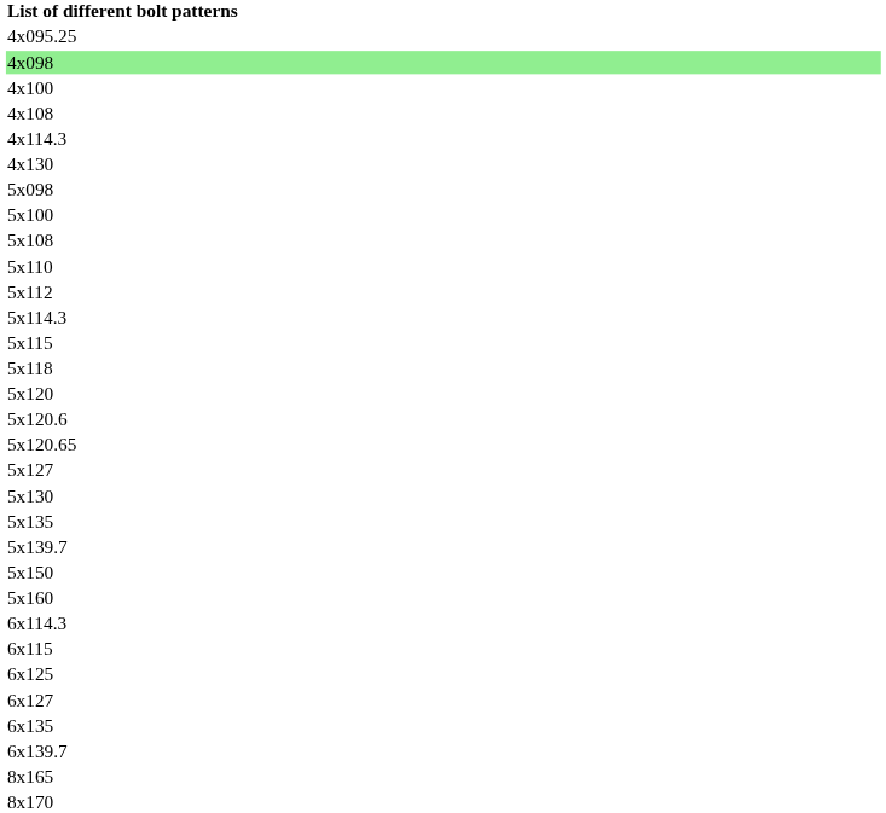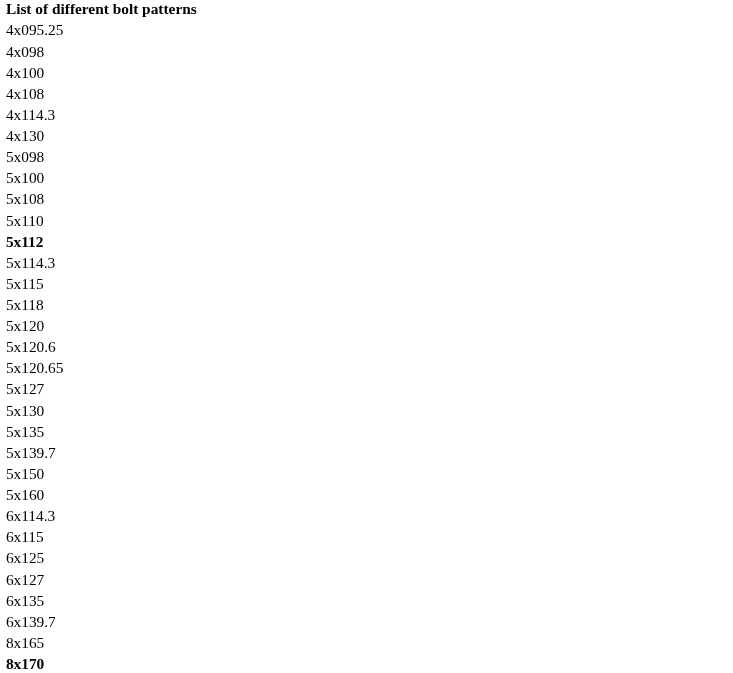 <table class="toccolours collapsible collapsed" width="60%" style="text-align:left">
 <tr>
 <th>List of different bolt patterns</th>
 </tr>
 <tr>
 <td>4x095.25</td>
 </tr>
 <tr>
-<td style="background: lightgreen;">4x098</td>
+<td>4x098</td>
 </tr>
 <tr>
 <td>4x100</td>
 </tr>
 <tr>
 <td>4x108</td>
 </tr>
 <tr>
 <td>4x114.3</td>
 </tr>
 <tr>
 <td>4x130</td>
 </tr>
 <tr>
 <td>5x098</td>
 </tr>
 <tr>
 <td>5x100</td>
 </tr>
 <tr>
 <td>5x108</td>
 </tr>
 <tr>
 <td>5x110</td>
 </tr>
 <tr>
-<td>5x112</td>
+<td><strong>5x112</strong></td>
 </tr>
 <tr>
 <td>5x114.3</td>
 </tr>
 <tr>
 <td>5x115</td>
 </tr>
 <tr>
 <td>5x118</td>
 </tr>
 <tr>
 <td>5x120</td>
 </tr>
 <tr>
 <td>5x120.6</td>
 </tr>
 <tr>
 <td>5x120.65</td>
 </tr>
 <tr>
 <td>5x127</td>
 </tr>
 <tr>
 <td>5x130</td>
 </tr>
 <tr>
 <td>5x135</td>
 </tr>
 <tr>
 <td>5x139.7</td>
 </tr>
 <tr>
 <td>5x150</td>
 </tr>
 <tr>
 <td>5x160</td>
 </tr>
 <tr>
 <td>6x114.3</td>
 </tr>
 <tr>
 <td>6x115</td>
 </tr>
 <tr>
 <td>6x125</td>
 </tr>
 <tr>
 <td>6x127</td>
 </tr>
 <tr>
 <td>6x135</td>
 </tr>
 <tr>
 <td>6x139.7</td>
 </tr>
 <tr>
 <td>8x165</td>
 </tr>
 <tr>
-<td>8x170</td>
+<td><strong>8x170</strong></td>
 </tr>
 <tr>
 </tr>
 </table>
